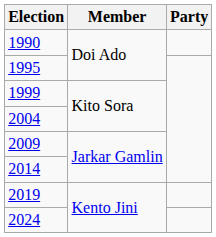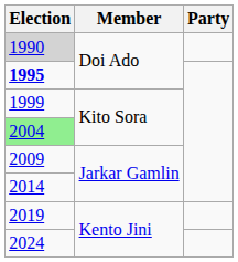 <table class="wikitable sortable">
 <tr>
 <th>Election</th>
 <th>Member</th>
 <th colspan=2>Party</th>
 </tr>
 <tr>
-<td><a href='#'>1990</a></td>
+<td style="background: lightgrey;"><a href='#'>1990</a></td>
 <td rowspan=2>Doi Ado</td>
 <td></td>
 </tr>
 <tr>
-<td><a href='#'>1995</a></td>
+<td><strong><a href='#'>1995</a></strong></td>
 </tr>
 <tr>
 <td><a href='#'>1999</a></td>
 <td rowspan=2>Kito Sora</td>
 </tr>
 <tr>
-<td><a href='#'>2004</a></td>
+<td style="background: lightgreen;"><a href='#'>2004</a></td>
 </tr>
 <tr>
 <td><a href='#'>2009</a></td>
 <td rowspan=2><a href='#'>Jarkar Gamlin</a></td>
 </tr>
 <tr>
 <td><a href='#'>2014</a></td>
 </tr>
 <tr>
 <td><a href='#'>2019</a></td>
 <td rowspan=2><a href='#'>Kento Jini</a></td>
 <td></td>
 </tr>
 <tr>
 <td><a href='#'>2024</a></td>
 </tr>
 </table>
